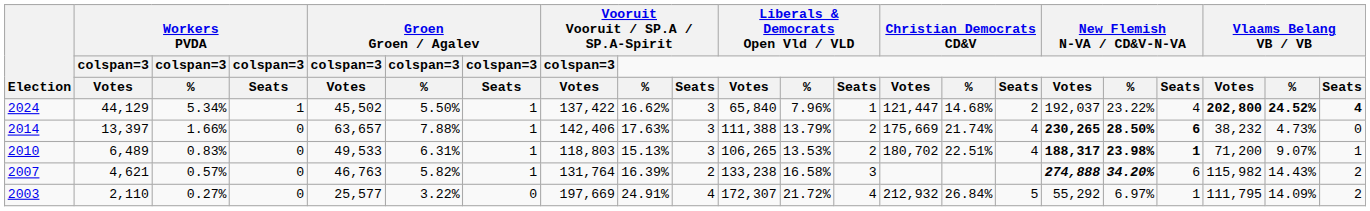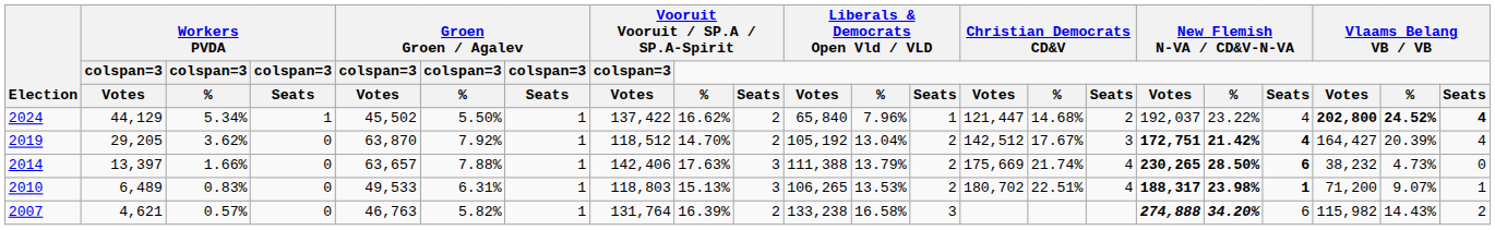 <table class="wikitable" border="1" style="font-size:95%; text-align:right;">
 <tr>
 <th style="text-align:left;" valign=bottom rowspan=3>Election</th>
 <th valign=bottom colspan=3><a href='#'>Workers</a><br>PVDA</th>
 <th valign=bottom colspan=3><a href='#'>Groen</a><br>Groen / Agalev</th>
 <th valign=bottom colspan=3><a href='#'>Vooruit</a><br>Vooruit / SP.A /<br>SP.A-Spirit</th>
 <th valign=bottom colspan=3><a href='#'>Liberals & Democrats</a><br>Open Vld / VLD</th>
 <th valign=bottom colspan=3><a href='#'>Christian Democrats</a><br>CD&V</th>
 <th valign=bottom colspan=3><a href='#'>New Flemish</a><br>N-VA / CD&V-N-VA</th>
 <th valign=bottom colspan=3><a href='#'>Vlaams Belang</a><br>VB / VB</th>
 </tr>
 <tr>
 <th>colspan=3 </th>
 <th>colspan=3 </th>
 <th>colspan=3 </th>
 <th>colspan=3 </th>
 <th>colspan=3 </th>
 <th>colspan=3 </th>
 <th>colspan=3 </th>
 </tr>
 <tr>
 <th>Votes</th>
 <th>%</th>
 <th>Seats</th>
 <th>Votes</th>
 <th>%</th>
 <th>Seats</th>
 <th>Votes</th>
 <th>%</th>
 <th>Seats</th>
 <th>Votes</th>
 <th>%</th>
 <th>Seats</th>
 <th>Votes</th>
 <th>%</th>
 <th>Seats</th>
 <th>Votes</th>
 <th>%</th>
 <th>Seats</th>
 <th>Votes</th>
 <th>%</th>
 <th>Seats</th>
 </tr>
 <tr>
 <td align=left><a href='#'>2024</a></td>
 <td>44,129</td>
 <td>5.34%</td>
 <td>1</td>
 <td>45,502</td>
 <td>5.50%</td>
 <td>1</td>
 <td>137,422</td>
 <td>16.62%</td>
-<td>3</td>
+<td>2</td>
 <td>65,840</td>
 <td>7.96%</td>
 <td>1</td>
 <td>121,447</td>
 <td>14.68%</td>
 <td>2</td>
 <td>192,037</td>
 <td>23.22%</td>
 <td>4</td>
 <td><strong>202,800</strong></td>
 <td><strong>24.52%</strong></td>
 <td><strong>4</strong></td>
+</tr>
+<tr>
+<td align=left><a href='#'>2019</a></td>
+<td>29,205</td>
+<td>3.62%</td>
+<td>0</td>
+<td>63,870</td>
+<td>7.92%</td>
+<td>1</td>
+<td>118,512</td>
+<td>14.70%</td>
+<td>2</td>
+<td>105,192</td>
+<td>13.04%</td>
+<td>2</td>
+<td>142,512</td>
+<td>17.67%</td>
+<td>3</td>
+<td><strong>172,751</strong></td>
+<td><strong>21.42%</strong></td>
+<td><strong>4</strong></td>
+<td>164,427</td>
+<td>20.39%</td>
+<td>4</td>
 </tr>
 <tr>
 <td align=left><a href='#'>2014</a></td>
 <td>13,397</td>
 <td>1.66%</td>
 <td>0</td>
 <td>63,657</td>
 <td>7.88%</td>
 <td>1</td>
 <td>142,406</td>
 <td>17.63%</td>
 <td>3</td>
 <td>111,388</td>
 <td>13.79%</td>
 <td>2</td>
 <td>175,669</td>
 <td>21.74%</td>
 <td>4</td>
 <td><strong>230,265</strong></td>
 <td><strong>28.50%</strong></td>
 <td><strong>6</strong></td>
 <td>38,232</td>
 <td>4.73%</td>
 <td>0</td>
 </tr>
 <tr>
 <td align=left><a href='#'>2010</a></td>
 <td>6,489</td>
 <td>0.83%</td>
 <td>0</td>
 <td>49,533</td>
 <td>6.31%</td>
 <td>1</td>
 <td>118,803</td>
 <td>15.13%</td>
 <td>3</td>
 <td>106,265</td>
 <td>13.53%</td>
 <td>2</td>
 <td>180,702</td>
 <td>22.51%</td>
 <td>4</td>
 <td><strong>188,317</strong></td>
 <td><strong>23.98%</strong></td>
 <td><strong>1</strong></td>
 <td>71,200</td>
 <td>9.07%</td>
 <td>1</td>
 </tr>
 <tr>
 <td align=left><a href='#'>2007</a></td>
 <td>4,621</td>
 <td>0.57%</td>
 <td>0</td>
 <td>46,763</td>
 <td>5.82%</td>
 <td>1</td>
 <td>131,764</td>
 <td>16.39%</td>
 <td>2</td>
 <td>133,238</td>
 <td>16.58%</td>
 <td>3</td>
 <td></td>
 <td></td>
 <td></td>
 <td><strong><em>274,888</em></strong></td>
 <td><strong><em>34.20<em>%<strong></td>
 <td></em></strong>6<strong><em></td>
 <td>115,982</td>
 <td>14.43%</td>
 <td>2</td>
 </tr>
-<tr>
-<td align=left><a href='#'>2003</a></td>
-<td>2,110</td>
-<td>0.27%</td>
-<td>0</td>
-<td>25,577</td>
-<td>3.22%</td>
-<td>0</td>
-<td>197,669</td>
-<td>24.91%</td>
-<td>4</td>
-<td>172,307</td>
-<td>21.72%</td>
-<td>4</td>
-<td></strong>212,932<strong></td>
-<td></strong>26.84%<strong></td>
-<td></strong>5<strong></td>
-<td>55,292</td>
-<td>6.97%</td>
-<td>1</td>
-<td>111,795</td>
-<td>14.09%</td>
-<td>2</td>
-</tr>
 </table>
